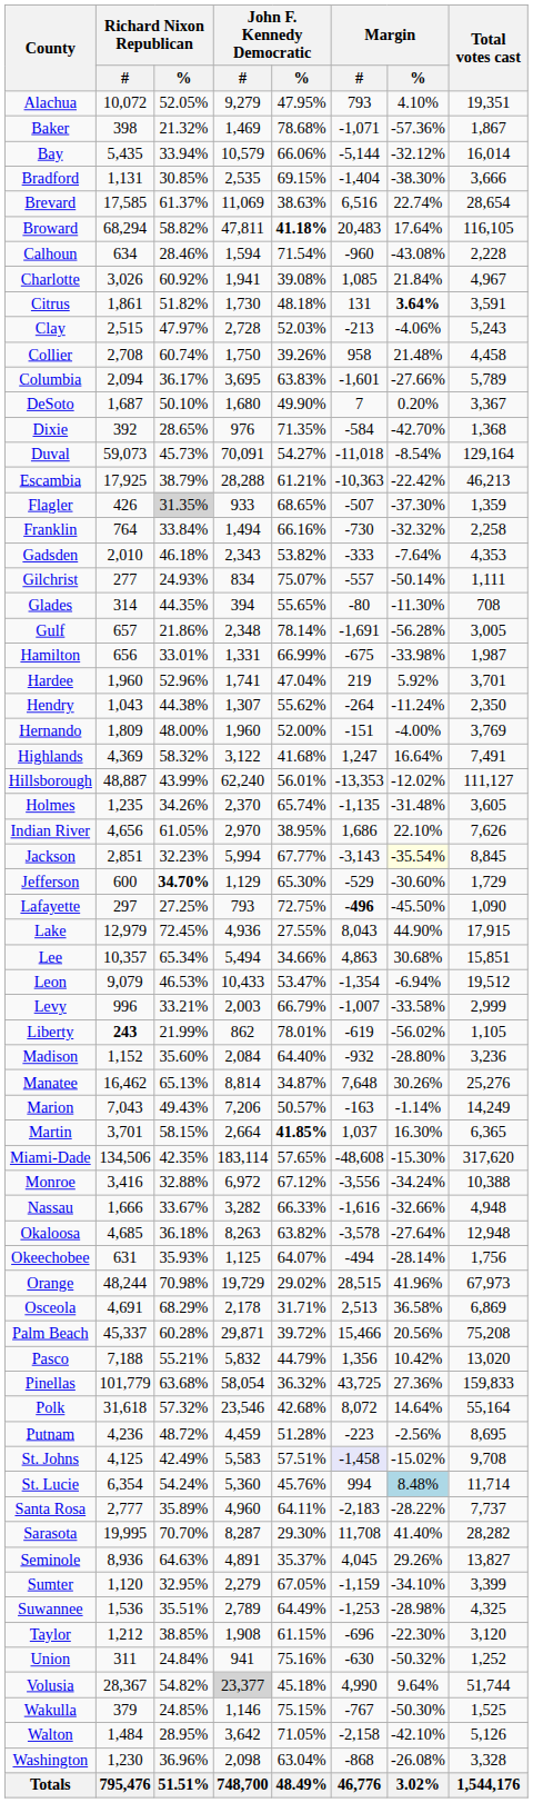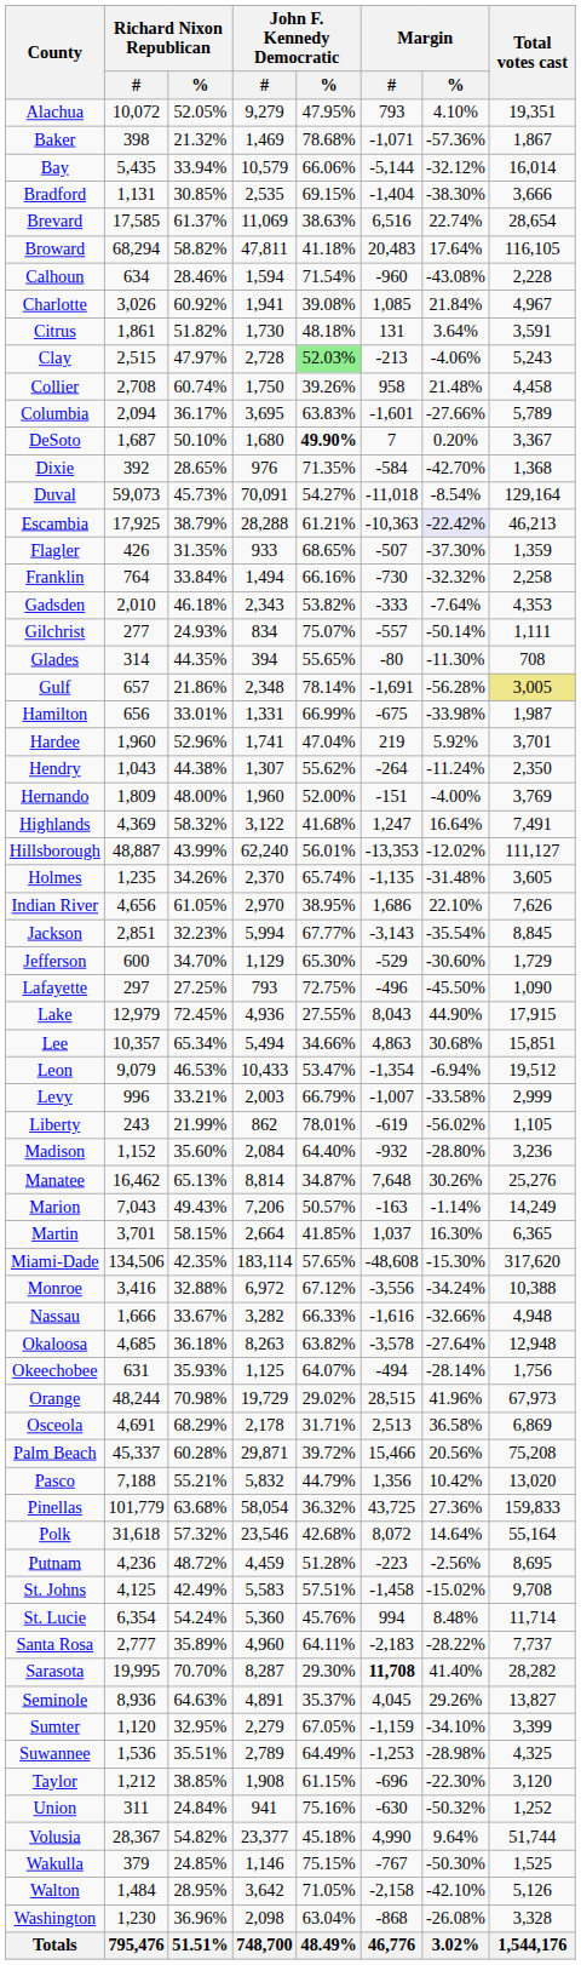 <table width="60%" class="wikitable sortable">
 <tr>
 <th style="text-align:center;" rowspan="2">County</th>
 <th style="text-align:center;" colspan="2">Richard Nixon<br>Republican</th>
 <th style="text-align:center;" colspan="2">John F. Kennedy<br>Democratic</th>
 <th style="text-align:center;" colspan="2">Margin</th>
 <th style="text-align:center;" rowspan="2">Total votes cast</th>
 </tr>
 <tr>
 <th style="text-align:center;" data-sort-type="number">#</th>
 <th style="text-align:center;" data-sort-type="number">%</th>
 <th style="text-align:center;" data-sort-type="number">#</th>
 <th style="text-align:center;" data-sort-type="number">%</th>
 <th style="text-align:center;" data-sort-type="number">#</th>
 <th style="text-align:center;" data-sort-type="number">%</th>
 </tr>
 <tr style="text-align:center;">
 <td><a href='#'>Alachua</a></td>
 <td>10,072</td>
 <td>52.05%</td>
 <td>9,279</td>
 <td>47.95%</td>
 <td>793</td>
 <td>4.10%</td>
 <td>19,351</td>
 </tr>
 <tr style="text-align:center;">
 <td><a href='#'>Baker</a></td>
 <td>398</td>
 <td>21.32%</td>
 <td>1,469</td>
 <td>78.68%</td>
 <td>-1,071</td>
 <td>-57.36%</td>
 <td>1,867</td>
 </tr>
 <tr style="text-align:center;">
 <td><a href='#'>Bay</a></td>
 <td>5,435</td>
 <td>33.94%</td>
 <td>10,579</td>
 <td>66.06%</td>
 <td>-5,144</td>
 <td>-32.12%</td>
 <td>16,014</td>
 </tr>
 <tr style="text-align:center;">
 <td><a href='#'>Bradford</a></td>
 <td>1,131</td>
 <td>30.85%</td>
 <td>2,535</td>
 <td>69.15%</td>
 <td>-1,404</td>
 <td>-38.30%</td>
 <td>3,666</td>
 </tr>
 <tr style="text-align:center;">
 <td><a href='#'>Brevard</a></td>
 <td>17,585</td>
 <td>61.37%</td>
 <td>11,069</td>
 <td>38.63%</td>
 <td>6,516</td>
 <td>22.74%</td>
 <td>28,654</td>
 </tr>
 <tr style="text-align:center;">
 <td><a href='#'>Broward</a></td>
 <td>68,294</td>
 <td>58.82%</td>
 <td>47,811</td>
-<td><strong>41.18%</strong></td>
+<td>41.18%</td>
 <td>20,483</td>
 <td>17.64%</td>
 <td>116,105</td>
 </tr>
 <tr style="text-align:center;">
 <td><a href='#'>Calhoun</a></td>
 <td>634</td>
 <td>28.46%</td>
 <td>1,594</td>
 <td>71.54%</td>
 <td>-960</td>
 <td>-43.08%</td>
 <td>2,228</td>
 </tr>
 <tr style="text-align:center;">
 <td><a href='#'>Charlotte</a></td>
 <td>3,026</td>
 <td>60.92%</td>
 <td>1,941</td>
 <td>39.08%</td>
 <td>1,085</td>
 <td>21.84%</td>
 <td>4,967</td>
 </tr>
 <tr style="text-align:center;">
 <td><a href='#'>Citrus</a></td>
 <td>1,861</td>
 <td>51.82%</td>
 <td>1,730</td>
 <td>48.18%</td>
 <td>131</td>
-<td><strong>3.64%</strong></td>
+<td>3.64%</td>
 <td>3,591</td>
 </tr>
 <tr style="text-align:center;">
 <td><a href='#'>Clay</a></td>
 <td>2,515</td>
 <td>47.97%</td>
 <td>2,728</td>
-<td>52.03%</td>
+<td style="background: lightgreen;">52.03%</td>
 <td>-213</td>
 <td>-4.06%</td>
 <td>5,243</td>
 </tr>
 <tr style="text-align:center;">
 <td><a href='#'>Collier</a></td>
 <td>2,708</td>
 <td>60.74%</td>
 <td>1,750</td>
 <td>39.26%</td>
 <td>958</td>
 <td>21.48%</td>
 <td>4,458</td>
 </tr>
 <tr style="text-align:center;">
 <td><a href='#'>Columbia</a></td>
 <td>2,094</td>
 <td>36.17%</td>
 <td>3,695</td>
 <td>63.83%</td>
 <td>-1,601</td>
 <td>-27.66%</td>
 <td>5,789</td>
 </tr>
 <tr style="text-align:center;">
 <td><a href='#'>DeSoto</a></td>
 <td>1,687</td>
 <td>50.10%</td>
 <td>1,680</td>
-<td>49.90%</td>
+<td><strong>49.90%</strong></td>
 <td>7</td>
 <td>0.20%</td>
 <td>3,367</td>
 </tr>
 <tr style="text-align:center;">
 <td><a href='#'>Dixie</a></td>
 <td>392</td>
 <td>28.65%</td>
 <td>976</td>
 <td>71.35%</td>
 <td>-584</td>
 <td>-42.70%</td>
 <td>1,368</td>
 </tr>
 <tr style="text-align:center;">
 <td><a href='#'>Duval</a></td>
 <td>59,073</td>
 <td>45.73%</td>
 <td>70,091</td>
 <td>54.27%</td>
 <td>-11,018</td>
 <td>-8.54%</td>
 <td>129,164</td>
 </tr>
 <tr style="text-align:center;">
 <td><a href='#'>Escambia</a></td>
 <td>17,925</td>
 <td>38.79%</td>
 <td>28,288</td>
 <td>61.21%</td>
 <td>-10,363</td>
-<td>-22.42%</td>
+<td style="background: lavender;">-22.42%</td>
 <td>46,213</td>
 </tr>
 <tr style="text-align:center;">
 <td><a href='#'>Flagler</a></td>
 <td>426</td>
-<td style="background: lightgrey;">31.35%</td>
+<td>31.35%</td>
 <td>933</td>
 <td>68.65%</td>
 <td>-507</td>
 <td>-37.30%</td>
 <td>1,359</td>
 </tr>
 <tr style="text-align:center;">
 <td><a href='#'>Franklin</a></td>
 <td>764</td>
 <td>33.84%</td>
 <td>1,494</td>
 <td>66.16%</td>
 <td>-730</td>
 <td>-32.32%</td>
 <td>2,258</td>
 </tr>
 <tr style="text-align:center;">
 <td><a href='#'>Gadsden</a></td>
 <td>2,010</td>
 <td>46.18%</td>
 <td>2,343</td>
 <td>53.82%</td>
 <td>-333</td>
 <td>-7.64%</td>
 <td>4,353</td>
 </tr>
 <tr style="text-align:center;">
 <td><a href='#'>Gilchrist</a></td>
 <td>277</td>
 <td>24.93%</td>
 <td>834</td>
 <td>75.07%</td>
 <td>-557</td>
 <td>-50.14%</td>
 <td>1,111</td>
 </tr>
 <tr style="text-align:center;">
 <td><a href='#'>Glades</a></td>
 <td>314</td>
 <td>44.35%</td>
 <td>394</td>
 <td>55.65%</td>
 <td>-80</td>
 <td>-11.30%</td>
 <td>708</td>
 </tr>
 <tr style="text-align:center;">
 <td><a href='#'>Gulf</a></td>
 <td>657</td>
 <td>21.86%</td>
 <td>2,348</td>
 <td>78.14%</td>
 <td>-1,691</td>
 <td>-56.28%</td>
-<td>3,005</td>
+<td style="background: khaki;">3,005</td>
 </tr>
 <tr style="text-align:center;">
 <td><a href='#'>Hamilton</a></td>
 <td>656</td>
 <td>33.01%</td>
 <td>1,331</td>
 <td>66.99%</td>
 <td>-675</td>
 <td>-33.98%</td>
 <td>1,987</td>
 </tr>
 <tr style="text-align:center;">
 <td><a href='#'>Hardee</a></td>
 <td>1,960</td>
 <td>52.96%</td>
 <td>1,741</td>
 <td>47.04%</td>
 <td>219</td>
 <td>5.92%</td>
 <td>3,701</td>
 </tr>
 <tr style="text-align:center;">
 <td><a href='#'>Hendry</a></td>
 <td>1,043</td>
 <td>44.38%</td>
 <td>1,307</td>
 <td>55.62%</td>
 <td>-264</td>
 <td>-11.24%</td>
 <td>2,350</td>
 </tr>
 <tr style="text-align:center;">
 <td><a href='#'>Hernando</a></td>
 <td>1,809</td>
 <td>48.00%</td>
 <td>1,960</td>
 <td>52.00%</td>
 <td>-151</td>
 <td>-4.00%</td>
 <td>3,769</td>
 </tr>
 <tr style="text-align:center;">
 <td><a href='#'>Highlands</a></td>
 <td>4,369</td>
 <td>58.32%</td>
 <td>3,122</td>
 <td>41.68%</td>
 <td>1,247</td>
 <td>16.64%</td>
 <td>7,491</td>
 </tr>
 <tr style="text-align:center;">
 <td><a href='#'>Hillsborough</a></td>
 <td>48,887</td>
 <td>43.99%</td>
 <td>62,240</td>
 <td>56.01%</td>
 <td>-13,353</td>
 <td>-12.02%</td>
 <td>111,127</td>
 </tr>
 <tr style="text-align:center;">
 <td><a href='#'>Holmes</a></td>
 <td>1,235</td>
 <td>34.26%</td>
 <td>2,370</td>
 <td>65.74%</td>
 <td>-1,135</td>
 <td>-31.48%</td>
 <td>3,605</td>
 </tr>
 <tr style="text-align:center;">
 <td><a href='#'>Indian River</a></td>
 <td>4,656</td>
 <td>61.05%</td>
 <td>2,970</td>
 <td>38.95%</td>
 <td>1,686</td>
 <td>22.10%</td>
 <td>7,626</td>
 </tr>
 <tr style="text-align:center;">
 <td><a href='#'>Jackson</a></td>
 <td>2,851</td>
 <td>32.23%</td>
 <td>5,994</td>
 <td>67.77%</td>
 <td>-3,143</td>
-<td style="background: lightyellow;">-35.54%</td>
+<td>-35.54%</td>
 <td>8,845</td>
 </tr>
 <tr style="text-align:center;">
 <td><a href='#'>Jefferson</a></td>
 <td>600</td>
-<td><strong>34.70%</strong></td>
+<td>34.70%</td>
 <td>1,129</td>
 <td>65.30%</td>
 <td>-529</td>
 <td>-30.60%</td>
 <td>1,729</td>
 </tr>
 <tr style="text-align:center;">
 <td><a href='#'>Lafayette</a></td>
 <td>297</td>
 <td>27.25%</td>
 <td>793</td>
 <td>72.75%</td>
-<td><strong>-496</strong></td>
+<td>-496</td>
 <td>-45.50%</td>
 <td>1,090</td>
 </tr>
 <tr style="text-align:center;">
 <td><a href='#'>Lake</a></td>
 <td>12,979</td>
 <td>72.45%</td>
 <td>4,936</td>
 <td>27.55%</td>
 <td>8,043</td>
 <td>44.90%</td>
 <td>17,915</td>
 </tr>
 <tr style="text-align:center;">
 <td><a href='#'>Lee</a></td>
 <td>10,357</td>
 <td>65.34%</td>
 <td>5,494</td>
 <td>34.66%</td>
 <td>4,863</td>
 <td>30.68%</td>
 <td>15,851</td>
 </tr>
 <tr style="text-align:center;">
 <td><a href='#'>Leon</a></td>
 <td>9,079</td>
 <td>46.53%</td>
 <td>10,433</td>
 <td>53.47%</td>
 <td>-1,354</td>
 <td>-6.94%</td>
 <td>19,512</td>
 </tr>
 <tr style="text-align:center;">
 <td><a href='#'>Levy</a></td>
 <td>996</td>
 <td>33.21%</td>
 <td>2,003</td>
 <td>66.79%</td>
 <td>-1,007</td>
 <td>-33.58%</td>
 <td>2,999</td>
 </tr>
 <tr style="text-align:center;">
 <td><a href='#'>Liberty</a></td>
-<td><strong>243</strong></td>
+<td>243</td>
 <td>21.99%</td>
 <td>862</td>
 <td>78.01%</td>
 <td>-619</td>
 <td>-56.02%</td>
 <td>1,105</td>
 </tr>
 <tr style="text-align:center;">
 <td><a href='#'>Madison</a></td>
 <td>1,152</td>
 <td>35.60%</td>
 <td>2,084</td>
 <td>64.40%</td>
 <td>-932</td>
 <td>-28.80%</td>
 <td>3,236</td>
 </tr>
 <tr style="text-align:center;">
 <td><a href='#'>Manatee</a></td>
 <td>16,462</td>
 <td>65.13%</td>
 <td>8,814</td>
 <td>34.87%</td>
 <td>7,648</td>
 <td>30.26%</td>
 <td>25,276</td>
 </tr>
 <tr style="text-align:center;">
 <td><a href='#'>Marion</a></td>
 <td>7,043</td>
 <td>49.43%</td>
 <td>7,206</td>
 <td>50.57%</td>
 <td>-163</td>
 <td>-1.14%</td>
 <td>14,249</td>
 </tr>
 <tr style="text-align:center;">
 <td><a href='#'>Martin</a></td>
 <td>3,701</td>
 <td>58.15%</td>
 <td>2,664</td>
-<td><strong>41.85%</strong></td>
+<td>41.85%</td>
 <td>1,037</td>
 <td>16.30%</td>
 <td>6,365</td>
 </tr>
 <tr style="text-align:center;">
 <td><a href='#'>Miami-Dade</a></td>
 <td>134,506</td>
 <td>42.35%</td>
 <td>183,114</td>
 <td>57.65%</td>
 <td>-48,608</td>
 <td>-15.30%</td>
 <td>317,620</td>
 </tr>
 <tr style="text-align:center;">
 <td><a href='#'>Monroe</a></td>
 <td>3,416</td>
 <td>32.88%</td>
 <td>6,972</td>
 <td>67.12%</td>
 <td>-3,556</td>
 <td>-34.24%</td>
 <td>10,388</td>
 </tr>
 <tr style="text-align:center;">
 <td><a href='#'>Nassau</a></td>
 <td>1,666</td>
 <td>33.67%</td>
 <td>3,282</td>
 <td>66.33%</td>
 <td>-1,616</td>
 <td>-32.66%</td>
 <td>4,948</td>
 </tr>
 <tr style="text-align:center;">
 <td><a href='#'>Okaloosa</a></td>
 <td>4,685</td>
 <td>36.18%</td>
 <td>8,263</td>
 <td>63.82%</td>
 <td>-3,578</td>
 <td>-27.64%</td>
 <td>12,948</td>
 </tr>
 <tr style="text-align:center;">
 <td><a href='#'>Okeechobee</a></td>
 <td>631</td>
 <td>35.93%</td>
 <td>1,125</td>
 <td>64.07%</td>
 <td>-494</td>
 <td>-28.14%</td>
 <td>1,756</td>
 </tr>
 <tr style="text-align:center;">
 <td><a href='#'>Orange</a></td>
 <td>48,244</td>
 <td>70.98%</td>
 <td>19,729</td>
 <td>29.02%</td>
 <td>28,515</td>
 <td>41.96%</td>
 <td>67,973</td>
 </tr>
 <tr style="text-align:center;">
 <td><a href='#'>Osceola</a></td>
 <td>4,691</td>
 <td>68.29%</td>
 <td>2,178</td>
 <td>31.71%</td>
 <td>2,513</td>
 <td>36.58%</td>
 <td>6,869</td>
 </tr>
 <tr style="text-align:center;">
 <td><a href='#'>Palm Beach</a></td>
 <td>45,337</td>
 <td>60.28%</td>
 <td>29,871</td>
 <td>39.72%</td>
 <td>15,466</td>
 <td>20.56%</td>
 <td>75,208</td>
 </tr>
 <tr style="text-align:center;">
 <td><a href='#'>Pasco</a></td>
 <td>7,188</td>
 <td>55.21%</td>
 <td>5,832</td>
 <td>44.79%</td>
 <td>1,356</td>
 <td>10.42%</td>
 <td>13,020</td>
 </tr>
 <tr style="text-align:center;">
 <td><a href='#'>Pinellas</a></td>
 <td>101,779</td>
 <td>63.68%</td>
 <td>58,054</td>
 <td>36.32%</td>
 <td>43,725</td>
 <td>27.36%</td>
 <td>159,833</td>
 </tr>
 <tr style="text-align:center;">
 <td><a href='#'>Polk</a></td>
 <td>31,618</td>
 <td>57.32%</td>
 <td>23,546</td>
 <td>42.68%</td>
 <td>8,072</td>
 <td>14.64%</td>
 <td>55,164</td>
 </tr>
 <tr style="text-align:center;">
 <td><a href='#'>Putnam</a></td>
 <td>4,236</td>
 <td>48.72%</td>
 <td>4,459</td>
 <td>51.28%</td>
 <td>-223</td>
 <td>-2.56%</td>
 <td>8,695</td>
 </tr>
 <tr style="text-align:center;">
 <td><a href='#'>St. Johns</a></td>
 <td>4,125</td>
 <td>42.49%</td>
 <td>5,583</td>
 <td>57.51%</td>
-<td style="background: lavender;">-1,458</td>
+<td>-1,458</td>
 <td>-15.02%</td>
 <td>9,708</td>
 </tr>
 <tr style="text-align:center;">
 <td><a href='#'>St. Lucie</a></td>
 <td>6,354</td>
 <td>54.24%</td>
 <td>5,360</td>
 <td>45.76%</td>
 <td>994</td>
-<td style="background: lightblue;">8.48%</td>
+<td>8.48%</td>
 <td>11,714</td>
 </tr>
 <tr style="text-align:center;">
 <td><a href='#'>Santa Rosa</a></td>
 <td>2,777</td>
 <td>35.89%</td>
 <td>4,960</td>
 <td>64.11%</td>
 <td>-2,183</td>
 <td>-28.22%</td>
 <td>7,737</td>
 </tr>
 <tr style="text-align:center;">
 <td><a href='#'>Sarasota</a></td>
 <td>19,995</td>
 <td>70.70%</td>
 <td>8,287</td>
 <td>29.30%</td>
-<td>11,708</td>
+<td><strong>11,708</strong></td>
 <td>41.40%</td>
 <td>28,282</td>
 </tr>
 <tr style="text-align:center;">
 <td><a href='#'>Seminole</a></td>
 <td>8,936</td>
 <td>64.63%</td>
 <td>4,891</td>
 <td>35.37%</td>
 <td>4,045</td>
 <td>29.26%</td>
 <td>13,827</td>
 </tr>
 <tr style="text-align:center;">
 <td><a href='#'>Sumter</a></td>
 <td>1,120</td>
 <td>32.95%</td>
 <td>2,279</td>
 <td>67.05%</td>
 <td>-1,159</td>
 <td>-34.10%</td>
 <td>3,399</td>
 </tr>
 <tr style="text-align:center;">
 <td><a href='#'>Suwannee</a></td>
 <td>1,536</td>
 <td>35.51%</td>
 <td>2,789</td>
 <td>64.49%</td>
 <td>-1,253</td>
 <td>-28.98%</td>
 <td>4,325</td>
 </tr>
 <tr style="text-align:center;">
 <td><a href='#'>Taylor</a></td>
 <td>1,212</td>
 <td>38.85%</td>
 <td>1,908</td>
 <td>61.15%</td>
 <td>-696</td>
 <td>-22.30%</td>
 <td>3,120</td>
 </tr>
 <tr style="text-align:center;">
 <td><a href='#'>Union</a></td>
 <td>311</td>
 <td>24.84%</td>
 <td>941</td>
 <td>75.16%</td>
 <td>-630</td>
 <td>-50.32%</td>
 <td>1,252</td>
 </tr>
 <tr style="text-align:center;">
 <td><a href='#'>Volusia</a></td>
 <td>28,367</td>
 <td>54.82%</td>
-<td style="background: lightgrey;">23,377</td>
+<td>23,377</td>
 <td>45.18%</td>
 <td>4,990</td>
 <td>9.64%</td>
 <td>51,744</td>
 </tr>
 <tr style="text-align:center;">
 <td><a href='#'>Wakulla</a></td>
 <td>379</td>
 <td>24.85%</td>
 <td>1,146</td>
 <td>75.15%</td>
 <td>-767</td>
 <td>-50.30%</td>
 <td>1,525</td>
 </tr>
 <tr style="text-align:center;">
 <td><a href='#'>Walton</a></td>
 <td>1,484</td>
 <td>28.95%</td>
 <td>3,642</td>
 <td>71.05%</td>
 <td>-2,158</td>
 <td>-42.10%</td>
 <td>5,126</td>
 </tr>
 <tr style="text-align:center;">
 <td><a href='#'>Washington</a></td>
 <td>1,230</td>
 <td>36.96%</td>
 <td>2,098</td>
 <td>63.04%</td>
 <td>-868</td>
 <td>-26.08%</td>
 <td>3,328</td>
 </tr>
 <tr style="text-align:center;">
 <th>Totals</th>
 <th>795,476</th>
 <th>51.51%</th>
 <th>748,700</th>
 <th>48.49%</th>
 <th>46,776</th>
 <th>3.02%</th>
 <th>1,544,176</th>
 </tr>
 </table>
